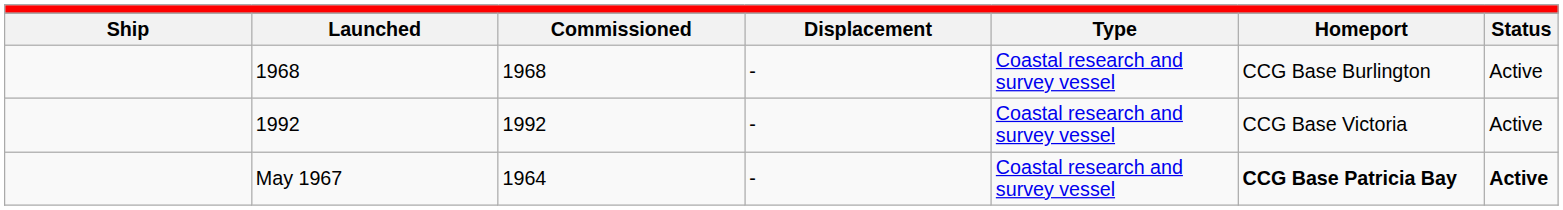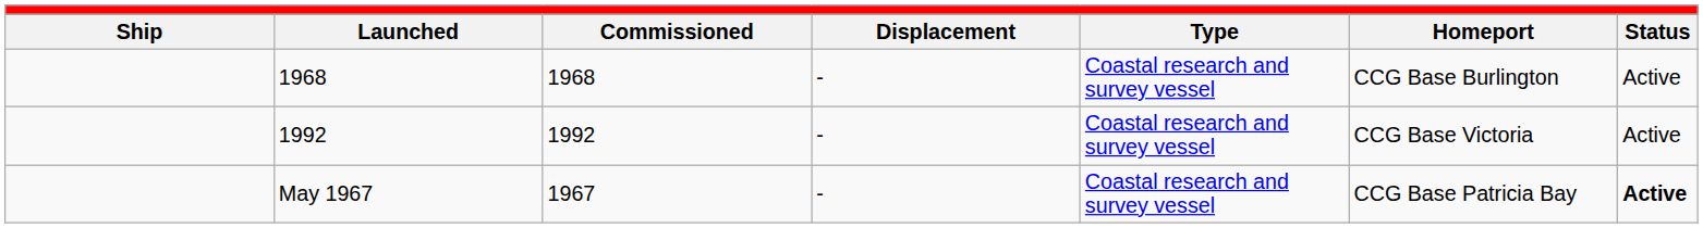 <table class="wikitable" style="margin:auto; width:100%;">
 <tr>
 <th style="align: center; background: #FF0000;" colspan="8"><strong></strong></th>
 </tr>
 <tr>
 </tr>
 <tr>
 <th style="text-align:center; width:14%;">Ship</th>
 <th style="text-align:center; width:14%;">Launched</th>
 <th style="text-align:center; width:14%;">Commissioned</th>
 <th style="text-align:center; width:14%;">Displacement</th>
 <th style="text-align:center; width:14%;">Type</th>
 <th style="text-align:center; width:14%;">Homeport</th>
 <th style="text-align:center; width:2%;">Status</th>
 </tr>
 <tr>
 <td rowspan="1"></td>
 <td>1968</td>
 <td>1968</td>
 <td>-</td>
 <td><a href='#'>Coastal research and survey vessel</a></td>
 <td>CCG Base Burlington</td>
 <td>Active</td>
 </tr>
 <tr>
 <td rowspan="1"> </td>
 <td>1992</td>
 <td>1992</td>
 <td>-</td>
 <td><a href='#'>Coastal research and survey vessel</a></td>
 <td>CCG Base Victoria</td>
 <td>Active</td>
 </tr>
 <tr>
 <td rowspan="1"></td>
 <td>May 1967</td>
-<td>1964</td>
+<td>1967</td>
 <td>-</td>
 <td><a href='#'>Coastal research and survey vessel</a></td>
-<td><strong>CCG Base Patricia Bay</strong></td>
+<td>CCG Base Patricia Bay</td>
 <td><strong>Active</strong></td>
 </tr>
 </table>
